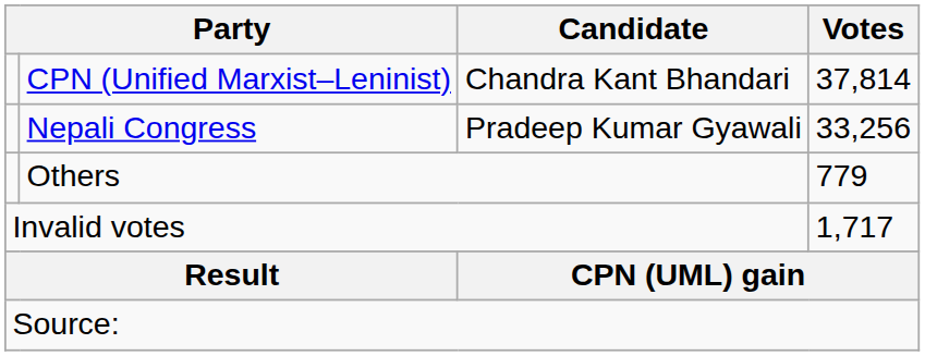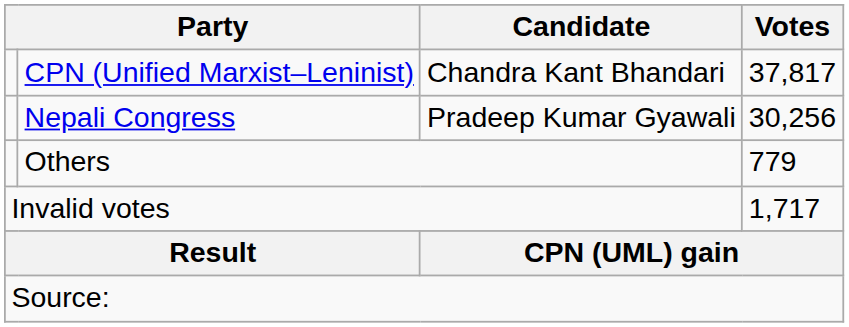 <table class="wikitable">
 <tr>
 <th colspan="2">Party</th>
 <th>Candidate</th>
 <th>Votes</th>
 </tr>
 <tr>
 <td style="background-color:"></td>
 <td><a href='#'>CPN (Unified Marxist–Leninist)</a></td>
 <td>Chandra Kant Bhandari</td>
-<td>37,814</td>
+<td>37,817</td>
 </tr>
 <tr>
 <td style="background-color:"></td>
 <td><a href='#'>Nepali Congress</a></td>
 <td>Pradeep Kumar Gyawali</td>
-<td>33,256</td>
+<td>30,256</td>
 </tr>
 <tr>
 <td></td>
 <td colspan="2">Others</td>
 <td>779</td>
 </tr>
 <tr>
 <td colspan="3">Invalid votes</td>
 <td>1,717</td>
 </tr>
 <tr>
 <th colspan="2">Result</th>
 <th colspan="2">CPN (UML) gain</th>
 </tr>
 <tr>
 <td colspan="4">Source: </td>
 </tr>
 </table>
